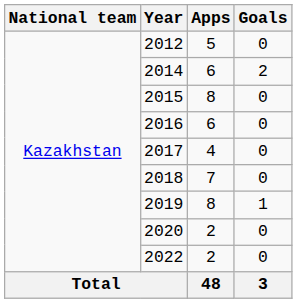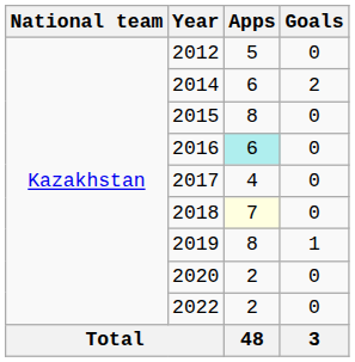 <table class="wikitable" style="text-align: center;">
 <tr>
 <th>National team</th>
 <th>Year</th>
 <th>Apps</th>
 <th>Goals</th>
 </tr>
 <tr>
 <td rowspan="9" valign="center"><a href='#'>Kazakhstan</a></td>
 <td>2012</td>
 <td>5</td>
 <td>0</td>
 </tr>
 <tr>
 <td>2014</td>
 <td>6</td>
 <td>2</td>
 </tr>
 <tr>
 <td>2015</td>
 <td>8</td>
 <td>0</td>
 </tr>
 <tr>
 <td>2016</td>
-<td>6</td>
+<td style="background: paleturquoise;">6</td>
 <td>0</td>
 </tr>
 <tr>
 <td>2017</td>
 <td>4</td>
 <td>0</td>
 </tr>
 <tr>
 <td>2018</td>
-<td>7</td>
+<td style="background: lightyellow;">7</td>
 <td>0</td>
 </tr>
 <tr>
 <td>2019</td>
 <td>8</td>
 <td>1</td>
 </tr>
 <tr>
 <td>2020</td>
 <td>2</td>
 <td>0</td>
 </tr>
 <tr>
 <td>2022</td>
 <td>2</td>
 <td>0</td>
 </tr>
 <tr>
 <th colspan="2">Total</th>
 <th>48</th>
 <th>3</th>
 </tr>
 </table>
